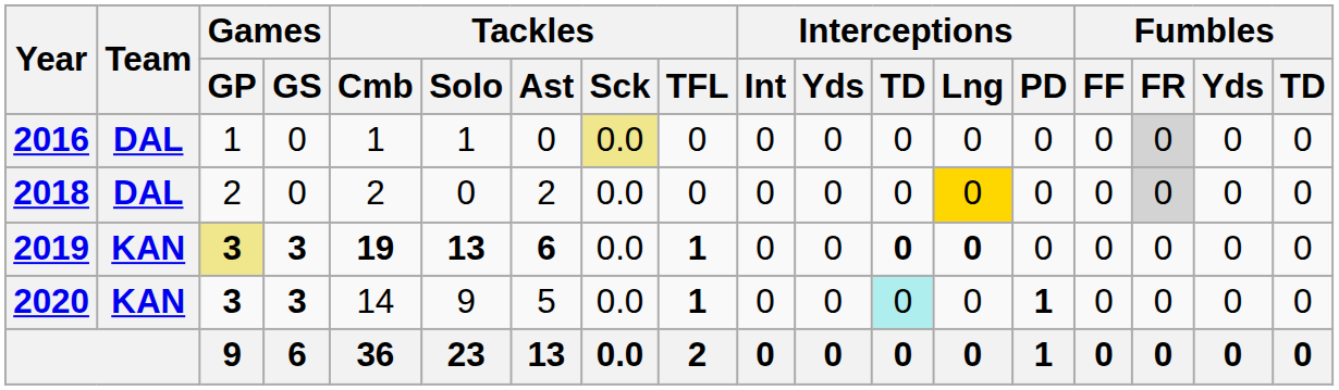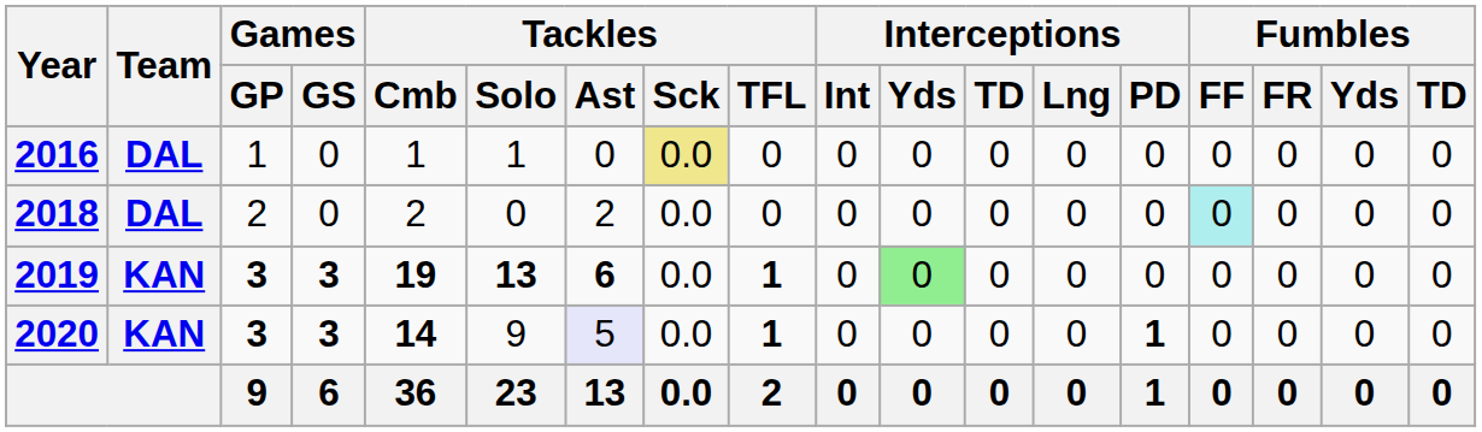 <table class="wikitable" style="text-align:center">
 <tr>
 <th rowspan="2">Year</th>
 <th rowspan="2">Team</th>
 <th colspan="2">Games</th>
 <th colspan="5">Tackles</th>
 <th colspan="5">Interceptions</th>
 <th colspan="4">Fumbles</th>
 </tr>
 <tr>
 <th>GP</th>
 <th>GS</th>
 <th>Cmb</th>
 <th>Solo</th>
 <th>Ast</th>
 <th>Sck</th>
 <th>TFL</th>
 <th>Int</th>
 <th>Yds</th>
 <th>TD</th>
 <th>Lng</th>
 <th>PD</th>
 <th>FF</th>
 <th>FR</th>
 <th>Yds</th>
 <th>TD</th>
 </tr>
 <tr>
 <th><a href='#'>2016</a></th>
 <th><a href='#'>DAL</a></th>
 <td>1</td>
 <td>0</td>
 <td>1</td>
 <td>1</td>
 <td>0</td>
 <td style="background: khaki;">0.0</td>
 <td>0</td>
 <td>0</td>
 <td>0</td>
 <td>0</td>
 <td>0</td>
 <td>0</td>
 <td>0</td>
-<td style="background: lightgrey;">0</td>
+<td>0</td>
 <td>0</td>
 <td>0</td>
 </tr>
 <tr>
 <th><a href='#'>2018</a></th>
 <th><a href='#'>DAL</a></th>
 <td>2</td>
 <td>0</td>
 <td>2</td>
 <td>0</td>
 <td>2</td>
 <td>0.0</td>
 <td>0</td>
 <td>0</td>
 <td>0</td>
 <td>0</td>
-<td style="background: gold;">0</td>
 <td>0</td>
 <td>0</td>
-<td style="background: lightgrey;">0</td>
+<td style="background: paleturquoise;">0</td>
+<td>0</td>
 <td>0</td>
 <td>0</td>
 </tr>
 <tr>
 <th><a href='#'>2019</a></th>
 <th><a href='#'>KAN</a></th>
-<td style="background: khaki;"><strong>3</strong></td>
+<td><strong>3</strong></td>
 <td><strong>3</strong></td>
 <td><strong>19</strong></td>
 <td><strong>13</strong></td>
 <td><strong>6</strong></td>
 <td>0.0</td>
 <td><strong>1</strong></td>
 <td>0</td>
+<td style="background: lightgreen;">0</td>
 <td>0</td>
-<td><strong>0</strong></td>
-<td><strong>0</strong></td>
+<td>0</td>
 <td>0</td>
 <td>0</td>
 <td>0</td>
 <td>0</td>
 <td>0</td>
 </tr>
 <tr>
 <th><a href='#'>2020</a></th>
 <th><a href='#'>KAN</a></th>
 <td><strong>3</strong></td>
 <td><strong>3</strong></td>
-<td>14</td>
+<td><strong>14</strong></td>
 <td>9</td>
-<td>5</td>
+<td style="background: lavender;">5</td>
 <td>0.0</td>
 <td><strong>1</strong></td>
 <td>0</td>
 <td>0</td>
-<td style="background: paleturquoise;">0</td>
+<td>0</td>
 <td>0</td>
 <td><strong>1</strong></td>
 <td>0</td>
 <td>0</td>
 <td>0</td>
 <td>0</td>
 </tr>
 <tr>
 <th colspan="2"></th>
 <th>9</th>
 <th>6</th>
 <th>36</th>
 <th>23</th>
 <th>13</th>
 <th>0.0</th>
 <th>2</th>
 <th>0</th>
 <th>0</th>
 <th>0</th>
 <th>0</th>
 <th>1</th>
 <th>0</th>
 <th>0</th>
 <th>0</th>
 <th>0</th>
 </tr>
 </table>
